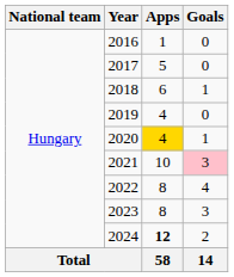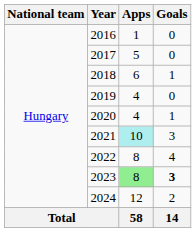 <table class="wikitable" style="text-align:center">
 <tr>
 <th>National team</th>
 <th>Year</th>
 <th>Apps</th>
 <th>Goals</th>
 </tr>
 <tr>
 <td rowspan="9"><a href='#'>Hungary</a></td>
 <td>2016</td>
 <td>1</td>
 <td>0</td>
 </tr>
 <tr>
 <td>2017</td>
 <td>5</td>
 <td>0</td>
 </tr>
 <tr>
 <td>2018</td>
 <td>6</td>
 <td>1</td>
 </tr>
 <tr>
 <td>2019</td>
 <td>4</td>
 <td>0</td>
 </tr>
 <tr>
 <td>2020</td>
-<td style="background: gold;">4</td>
+<td>4</td>
 <td>1</td>
 </tr>
 <tr>
 <td>2021</td>
-<td>10</td>
-<td style="background: pink;">3</td>
+<td style="background: paleturquoise;">10</td>
+<td>3</td>
 </tr>
 <tr>
 <td>2022</td>
 <td>8</td>
 <td>4</td>
 </tr>
 <tr>
 <td>2023</td>
-<td>8</td>
-<td>3</td>
+<td style="background: lightgreen;">8</td>
+<td><strong>3</strong></td>
 </tr>
 <tr>
 <td>2024</td>
-<td><strong>12</strong></td>
+<td>12</td>
 <td>2</td>
 </tr>
 <tr>
 <th colspan="2">Total</th>
 <th>58</th>
 <th>14</th>
 </tr>
 </table>
